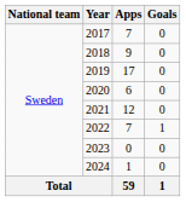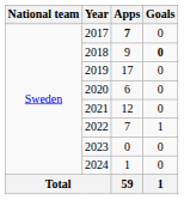 <table class=wikitable style=text-align:center>
 <tr>
 <th>National team</th>
 <th>Year</th>
 <th>Apps</th>
 <th>Goals</th>
 </tr>
 <tr>
 <td rowspan=8><a href='#'>Sweden</a></td>
 <td>2017</td>
-<td>7</td>
+<td><strong>7</strong></td>
 <td>0</td>
 </tr>
 <tr>
 <td>2018</td>
 <td>9</td>
-<td>0</td>
+<td><strong>0</strong></td>
 </tr>
 <tr>
 <td>2019</td>
 <td>17</td>
 <td>0</td>
 </tr>
 <tr>
 <td>2020</td>
 <td>6</td>
 <td>0</td>
 </tr>
 <tr>
 <td>2021</td>
 <td>12</td>
 <td>0</td>
 </tr>
 <tr>
 <td>2022</td>
 <td>7</td>
 <td>1</td>
 </tr>
 <tr>
 <td>2023</td>
 <td>0</td>
 <td>0</td>
 </tr>
 <tr>
 <td>2024</td>
 <td>1</td>
 <td>0</td>
 </tr>
 <tr>
 <th colspan=2>Total</th>
 <th>59</th>
 <th>1</th>
 </tr>
 </table>
